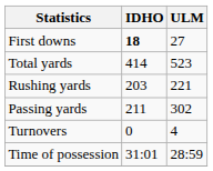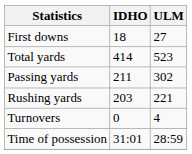 <table class="wikitable" style="float: left;">
 <tr>
 <th>Statistics</th>
 <th>IDHO</th>
 <th>ULM</th>
 </tr>
 <tr>
 <td>First downs</td>
-<td><strong>18</strong></td>
+<td>18</td>
 <td>27</td>
 </tr>
 <tr>
 <td>Total yards</td>
 <td>414</td>
 <td>523</td>
 </tr>
 <tr>
+<td>Passing yards</td>
+<td>211</td>
+<td>302</td>
+</tr>
+<tr>
 <td>Rushing yards</td>
 <td>203</td>
 <td>221</td>
-</tr>
-<tr>
-<td>Passing yards</td>
-<td>211</td>
-<td>302</td>
 </tr>
 <tr>
 <td>Turnovers</td>
 <td>0</td>
 <td>4</td>
 </tr>
 <tr>
 <td>Time of possession</td>
 <td>31:01</td>
 <td>28:59</td>
 </tr>
 <tr>
 </tr>
 </table>
